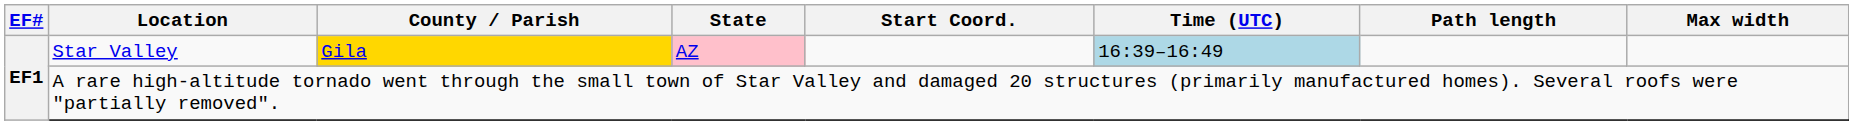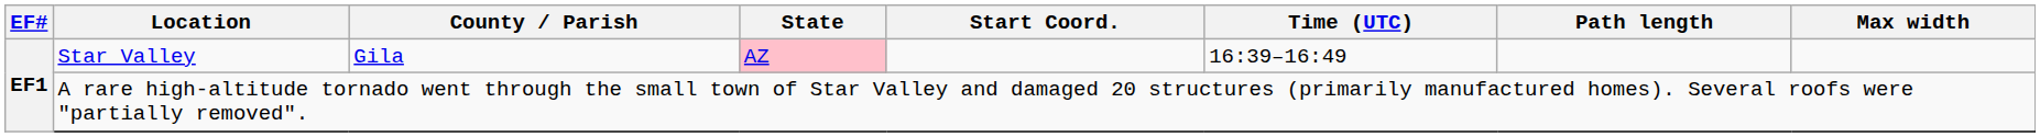 <table class="wikitable sortable" style="width:100%;">
 <tr>
 <th scope="col" width="2%" align="center"><a href='#'>EF#</a></th>
 <th scope="col" align="center" class="unsortable">Location</th>
 <th scope="col" align="center" class="unsortable">County / Parish</th>
 <th scope="col" align="center">State</th>
 <th scope="col" align="center">Start Coord.</th>
 <th scope="col" align="center">Time (<a href='#'>UTC</a>)</th>
 <th scope="col" align="center">Path length</th>
 <th scope="col" align="center">Max width</th>
 </tr>
 <tr>
 <th scope="row" rowspan="2" style="background-color:#">EF1</th>
 <td><a href='#'>Star Valley</a></td>
-<td style="background: gold;"><a href='#'>Gila</a></td>
+<td><a href='#'>Gila</a></td>
 <td style="background: pink;"><a href='#'>AZ</a></td>
 <td></td>
-<td style="background: lightblue;">16:39–16:49</td>
+<td>16:39–16:49</td>
 <td></td>
 <td></td>
 </tr>
 <tr>
 <td colspan="8" style=" border-bottom: 1px solid black;">A rare high-altitude tornado went through the small town of Star Valley and damaged 20 structures (primarily manufactured homes). Several roofs were "partially removed".</td>
 </tr>
 </table>
